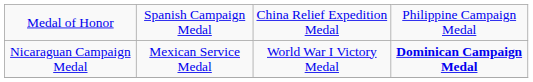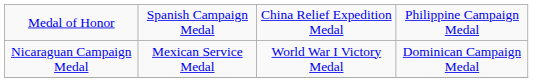 <table class="wikitable" style="margin:1em auto; text-align:center;">
 <tr>
 <td><a href='#'>Medal of Honor</a></td>
 <td><a href='#'>Spanish Campaign Medal</a></td>
 <td><a href='#'>China Relief Expedition Medal</a></td>
 <td><a href='#'>Philippine Campaign Medal</a></td>
 </tr>
 <tr>
 <td><a href='#'>Nicaraguan Campaign Medal</a></td>
 <td><a href='#'>Mexican Service Medal</a></td>
 <td><a href='#'>World War I Victory Medal</a></td>
-<td><strong><a href='#'>Dominican Campaign Medal</a></strong></td>
+<td><a href='#'>Dominican Campaign Medal</a></td>
 </tr>
 <tr>
 </tr>
 </table>
